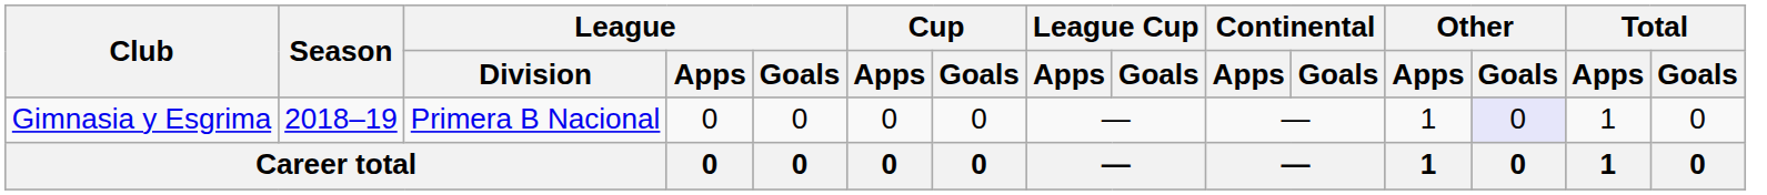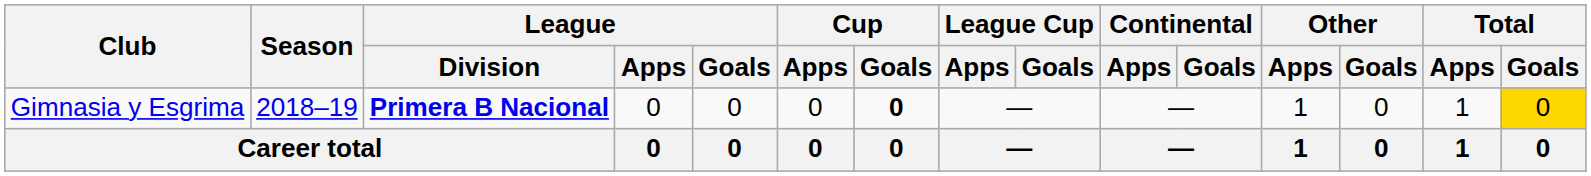 <table class="wikitable" style="text-align:center">
 <tr>
 <th rowspan="2">Club</th>
 <th rowspan="2">Season</th>
 <th colspan="3">League</th>
 <th colspan="2">Cup</th>
 <th colspan="2">League Cup</th>
 <th colspan="2">Continental</th>
 <th colspan="2">Other</th>
 <th colspan="2">Total</th>
 </tr>
 <tr>
 <th>Division</th>
 <th>Apps</th>
 <th>Goals</th>
 <th>Apps</th>
 <th>Goals</th>
 <th>Apps</th>
 <th>Goals</th>
 <th>Apps</th>
 <th>Goals</th>
 <th>Apps</th>
 <th>Goals</th>
 <th>Apps</th>
 <th>Goals</th>
 </tr>
 <tr>
 <td rowspan="1"><a href='#'>Gimnasia y Esgrima</a></td>
 <td><a href='#'>2018–19</a></td>
-<td rowspan="1"><a href='#'>Primera B Nacional</a></td>
+<td rowspan="1"><strong><a href='#'>Primera B Nacional</a></strong></td>
 <td>0</td>
 <td>0</td>
 <td>0</td>
-<td>0</td>
+<td><strong>0</strong></td>
 <td colspan="2">—</td>
 <td colspan="2">—</td>
 <td>1</td>
-<td style="background: lavender;">0</td>
+<td>0</td>
 <td>1</td>
-<td>0</td>
+<td style="background: gold;">0</td>
 </tr>
 <tr>
 <th colspan="3">Career total</th>
 <th>0</th>
 <th>0</th>
 <th>0</th>
 <th>0</th>
 <th colspan="2">—</th>
 <th colspan="2">—</th>
 <th>1</th>
 <th>0</th>
 <th>1</th>
 <th>0</th>
 </tr>
 </table>
